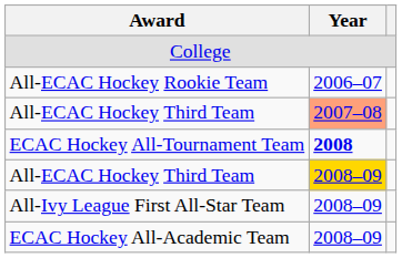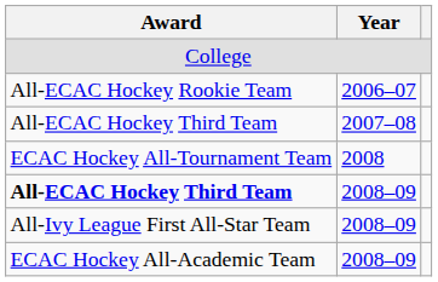 <table class="wikitable">
 <tr>
 <th>Award</th>
 <th>Year</th>
 <th></th>
 </tr>
 <tr ALIGN="center" bgcolor="#e0e0e0">
 <td colspan="3"><a href='#'>College</a></td>
 </tr>
 <tr>
 <td>All-<a href='#'>ECAC Hockey</a> <a href='#'>Rookie Team</a></td>
 <td><a href='#'>2006–07</a></td>
 <td></td>
 </tr>
 <tr>
 <td>All-<a href='#'>ECAC Hockey</a> <a href='#'>Third Team</a></td>
-<td style="background: lightsalmon;"><a href='#'>2007–08</a></td>
+<td><a href='#'>2007–08</a></td>
 <td></td>
 </tr>
 <tr>
 <td><a href='#'>ECAC Hockey</a> <a href='#'>All-Tournament Team</a></td>
-<td><strong><a href='#'>2008</a></strong></td>
+<td><a href='#'>2008</a></td>
 <td></td>
 </tr>
 <tr>
-<td>All-<a href='#'>ECAC Hockey</a> <a href='#'>Third Team</a></td>
-<td style="background: gold;"><a href='#'>2008–09</a></td>
+<td><strong>All-<a href='#'>ECAC Hockey</a> <a href='#'>Third Team</a></strong></td>
+<td><a href='#'>2008–09</a></td>
 <td></td>
 </tr>
 <tr>
 <td>All-<a href='#'>Ivy League</a> First All-Star Team</td>
 <td><a href='#'>2008–09</a></td>
 <td></td>
 </tr>
 <tr>
 <td><a href='#'>ECAC Hockey</a> All-Academic Team</td>
 <td><a href='#'>2008–09</a></td>
 <td></td>
 </tr>
 </table>
